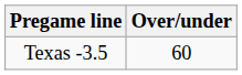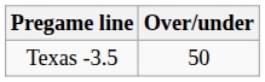 <table class="wikitable" style="margin-left: auto; margin-right: auto; border: none; display: inline-table;">
 <tr align="center">
 <th style=>Pregame line</th>
 <th style=>Over/under</th>
 </tr>
 <tr align="center">
 <td>Texas -3.5</td>
-<td>60</td>
+<td>50</td>
 </tr>
 </table>
